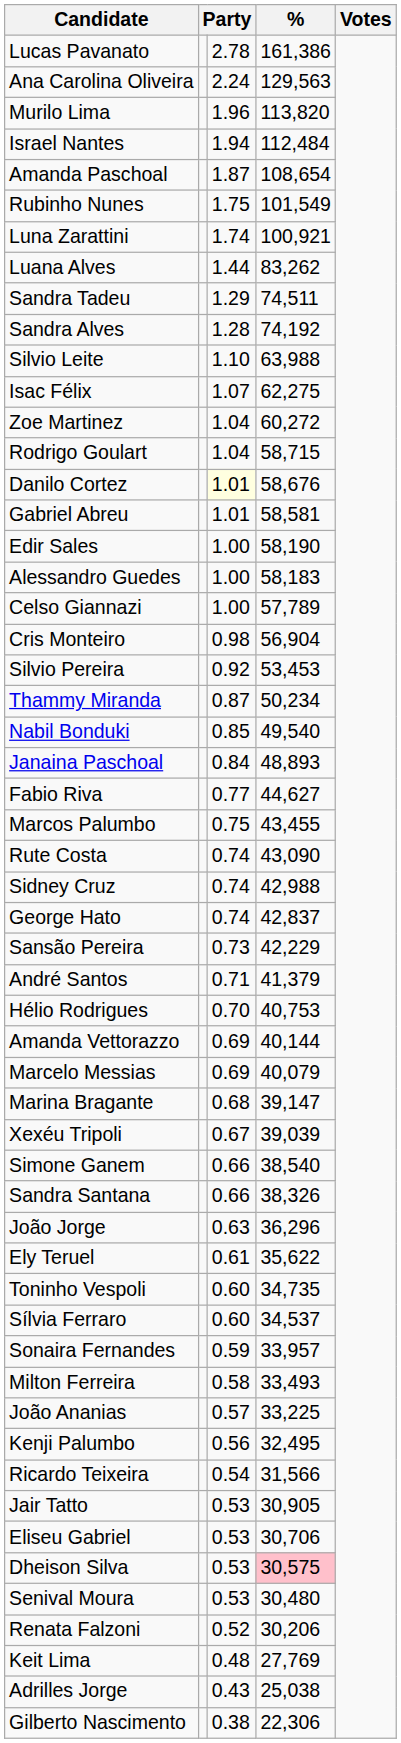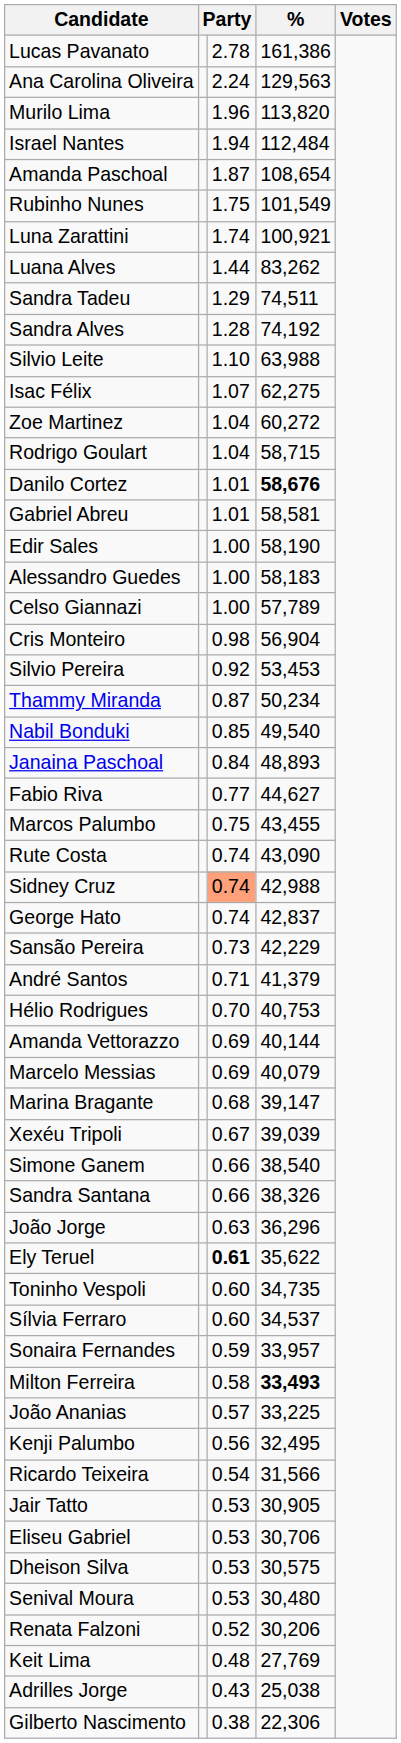 <table class="wikitable" class="wikitable sortable">
 <tr>
 <th>Candidate</th>
 <th colspan="2">Party</th>
 <th>%</th>
 <th>Votes</th>
 </tr>
 <tr>
 <td>Lucas Pavanato</td>
 <td></td>
 <td>2.78</td>
 <td>161,386</td>
 </tr>
 <tr>
 <td>Ana Carolina Oliveira</td>
 <td></td>
 <td>2.24</td>
 <td>129,563</td>
 </tr>
 <tr>
 <td>Murilo Lima</td>
 <td></td>
 <td>1.96</td>
 <td>113,820</td>
 </tr>
 <tr>
 <td>Israel Nantes</td>
 <td></td>
 <td>1.94</td>
 <td>112,484</td>
 </tr>
 <tr>
 <td>Amanda Paschoal</td>
 <td></td>
 <td>1.87</td>
 <td>108,654</td>
 </tr>
 <tr>
 <td>Rubinho Nunes</td>
 <td></td>
 <td>1.75</td>
 <td>101,549</td>
 </tr>
 <tr>
 <td>Luna Zarattini</td>
 <td></td>
 <td>1.74</td>
 <td>100,921</td>
 </tr>
 <tr>
 <td>Luana Alves</td>
 <td></td>
 <td>1.44</td>
 <td>83,262</td>
 </tr>
 <tr>
 <td>Sandra Tadeu</td>
 <td></td>
 <td>1.29</td>
 <td>74,511</td>
 </tr>
 <tr>
 <td>Sandra Alves</td>
 <td></td>
 <td>1.28</td>
 <td>74,192</td>
 </tr>
 <tr>
 <td>Silvio Leite</td>
 <td></td>
 <td>1.10</td>
 <td>63,988</td>
 </tr>
 <tr>
 <td>Isac Félix</td>
 <td></td>
 <td>1.07</td>
 <td>62,275</td>
 </tr>
 <tr>
 <td>Zoe Martinez</td>
 <td></td>
 <td>1.04</td>
 <td>60,272</td>
 </tr>
 <tr>
 <td>Rodrigo Goulart</td>
 <td></td>
 <td>1.04</td>
 <td>58,715</td>
 </tr>
 <tr>
 <td>Danilo Cortez</td>
 <td></td>
-<td style="background: lightyellow;">1.01</td>
-<td>58,676</td>
+<td>1.01</td>
+<td><strong>58,676</strong></td>
 </tr>
 <tr>
 <td>Gabriel Abreu</td>
 <td></td>
 <td>1.01</td>
 <td>58,581</td>
 </tr>
 <tr>
 <td>Edir Sales</td>
 <td></td>
 <td>1.00</td>
 <td>58,190</td>
 </tr>
 <tr>
 <td>Alessandro Guedes</td>
 <td></td>
 <td>1.00</td>
 <td>58,183</td>
 </tr>
 <tr>
 <td>Celso Giannazi</td>
 <td></td>
 <td>1.00</td>
 <td>57,789</td>
 </tr>
 <tr>
 <td>Cris Monteiro</td>
 <td></td>
 <td>0.98</td>
 <td>56,904</td>
 </tr>
 <tr>
 <td>Silvio Pereira</td>
 <td></td>
 <td>0.92</td>
 <td>53,453</td>
 </tr>
 <tr>
 <td><a href='#'>Thammy Miranda</a></td>
 <td></td>
 <td>0.87</td>
 <td>50,234</td>
 </tr>
 <tr>
 <td><a href='#'>Nabil Bonduki</a></td>
 <td></td>
 <td>0.85</td>
 <td>49,540</td>
 </tr>
 <tr>
 <td><a href='#'>Janaina Paschoal</a></td>
 <td></td>
 <td>0.84</td>
 <td>48,893</td>
 </tr>
 <tr>
 <td>Fabio Riva</td>
 <td></td>
 <td>0.77</td>
 <td>44,627</td>
 </tr>
 <tr>
 <td>Marcos Palumbo</td>
 <td></td>
 <td>0.75</td>
 <td>43,455</td>
 </tr>
 <tr>
 <td>Rute Costa</td>
 <td></td>
 <td>0.74</td>
 <td>43,090</td>
 </tr>
 <tr>
 <td>Sidney Cruz</td>
 <td></td>
-<td>0.74</td>
+<td style="background: lightsalmon;">0.74</td>
 <td>42,988</td>
 </tr>
 <tr>
 <td>George Hato</td>
 <td></td>
 <td>0.74</td>
 <td>42,837</td>
 </tr>
 <tr>
 <td>Sansão Pereira</td>
 <td></td>
 <td>0.73</td>
 <td>42,229</td>
 </tr>
 <tr>
 <td>André Santos</td>
 <td></td>
 <td>0.71</td>
 <td>41,379</td>
 </tr>
 <tr>
 <td>Hélio Rodrigues</td>
 <td></td>
 <td>0.70</td>
 <td>40,753</td>
 </tr>
 <tr>
 <td>Amanda Vettorazzo</td>
 <td></td>
 <td>0.69</td>
 <td>40,144</td>
 </tr>
 <tr>
 <td>Marcelo Messias</td>
 <td></td>
 <td>0.69</td>
 <td>40,079</td>
 </tr>
 <tr>
 <td>Marina Bragante</td>
 <td></td>
 <td>0.68</td>
 <td>39,147</td>
 </tr>
 <tr>
 <td>Xexéu Tripoli</td>
 <td></td>
 <td>0.67</td>
 <td>39,039</td>
 </tr>
 <tr>
 <td>Simone Ganem</td>
 <td></td>
 <td>0.66</td>
 <td>38,540</td>
 </tr>
 <tr>
 <td>Sandra Santana</td>
 <td></td>
 <td>0.66</td>
 <td>38,326</td>
 </tr>
 <tr>
 <td>João Jorge</td>
 <td></td>
 <td>0.63</td>
 <td>36,296</td>
 </tr>
 <tr>
 <td>Ely Teruel</td>
 <td></td>
-<td>0.61</td>
+<td><strong>0.61</strong></td>
 <td>35,622</td>
 </tr>
 <tr>
 <td>Toninho Vespoli</td>
 <td></td>
 <td>0.60</td>
 <td>34,735</td>
 </tr>
 <tr>
 <td>Sílvia Ferraro</td>
 <td></td>
 <td>0.60</td>
 <td>34,537</td>
 </tr>
 <tr>
 <td>Sonaira Fernandes</td>
 <td></td>
 <td>0.59</td>
 <td>33,957</td>
 </tr>
 <tr>
 <td>Milton Ferreira</td>
 <td></td>
 <td>0.58</td>
-<td>33,493</td>
+<td><strong>33,493</strong></td>
 </tr>
 <tr>
 <td>João Ananias</td>
 <td></td>
 <td>0.57</td>
 <td>33,225</td>
 </tr>
 <tr>
 <td>Kenji Palumbo</td>
 <td></td>
 <td>0.56</td>
 <td>32,495</td>
 </tr>
 <tr>
 <td>Ricardo Teixeira</td>
 <td></td>
 <td>0.54</td>
 <td>31,566</td>
 </tr>
 <tr>
 <td>Jair Tatto</td>
 <td></td>
 <td>0.53</td>
 <td>30,905</td>
 </tr>
 <tr>
 <td>Eliseu Gabriel</td>
 <td></td>
 <td>0.53</td>
 <td>30,706</td>
 </tr>
 <tr>
 <td>Dheison Silva</td>
 <td></td>
 <td>0.53</td>
-<td style="background: pink;">30,575</td>
+<td>30,575</td>
 </tr>
 <tr>
 <td>Senival Moura</td>
 <td></td>
 <td>0.53</td>
 <td>30,480</td>
 </tr>
 <tr>
 <td>Renata Falzoni</td>
 <td></td>
 <td>0.52</td>
 <td>30,206</td>
 </tr>
 <tr>
 <td>Keit Lima</td>
 <td></td>
 <td>0.48</td>
 <td>27,769</td>
 </tr>
 <tr>
 <td>Adrilles Jorge</td>
 <td></td>
 <td>0.43</td>
 <td>25,038</td>
 </tr>
 <tr>
 <td>Gilberto Nascimento</td>
 <td></td>
 <td>0.38</td>
 <td>22,306</td>
 </tr>
 </table>
